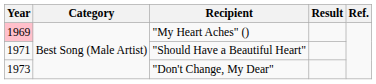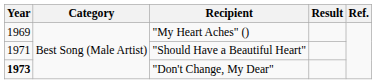 <table class="wikitable">
 <tr>
 <th>Year</th>
 <th>Category</th>
 <th>Recipient</th>
 <th>Result</th>
 <th>Ref.</th>
 </tr>
 <tr>
-<td style="background: pink;">1969</td>
+<td>1969</td>
 <td rowspan="3">Best Song (Male Artist)</td>
 <td>"My Heart Aches" ()</td>
 <td></td>
 <td rowspan="3"></td>
 </tr>
 <tr>
 <td>1971</td>
 <td>"Should Have a Beautiful Heart"</td>
 <td></td>
 </tr>
 <tr>
-<td>1973</td>
+<td><strong>1973</strong></td>
 <td>"Don't Change, My Dear"</td>
 <td></td>
 </tr>
 </table>
